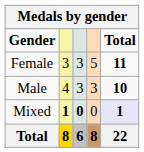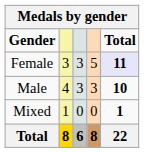 <table class=wikitable style="font-size:85%; float:right;text-align:center">
 <tr bgcolor=EFEFEF>
 <th colspan=6>Medals by gender</th>
 </tr>
 <tr>
 <td><strong>Gender</strong></td>
 <td bgcolor=F7F6A8></td>
 <td bgcolor=DCE5E5></td>
 <td bgcolor=FFDAB9></td>
 <td><strong>Total</strong></td>
 </tr>
 <tr>
 <td>Female</td>
 <td bgcolor=F7F6A8>3</td>
 <td bgcolor=DCE5E5>3</td>
 <td bgcolor=FFDAB9>5</td>
-<td><strong>11</strong></td>
+<td style="background: lavender;"><strong>11</strong></td>
 </tr>
 <tr>
 <td>Male</td>
 <td bgcolor=F7F6A8>4</td>
 <td bgcolor=DCE5E5>3</td>
 <td bgcolor=FFDAB9>3</td>
 <td><strong>10</strong></td>
 </tr>
 <tr>
 <td>Mixed</td>
-<td bgcolor=F7F6A8><strong>1</strong></td>
-<td bgcolor=DCE5E5><strong>0</strong></td>
+<td bgcolor=F7F6A8>1</td>
+<td bgcolor=DCE5E5>0</td>
 <td bgcolor=FFDAB9>0</td>
-<td style="background: lavender;"><strong>1</strong></td>
+<td><strong>1</strong></td>
 </tr>
 <tr>
 <th>Total</th>
 <th style=background:gold>8</th>
 <th style=background:silver>6</th>
 <th style=background:#C96>8</th>
 <th>22</th>
 </tr>
 </table>
